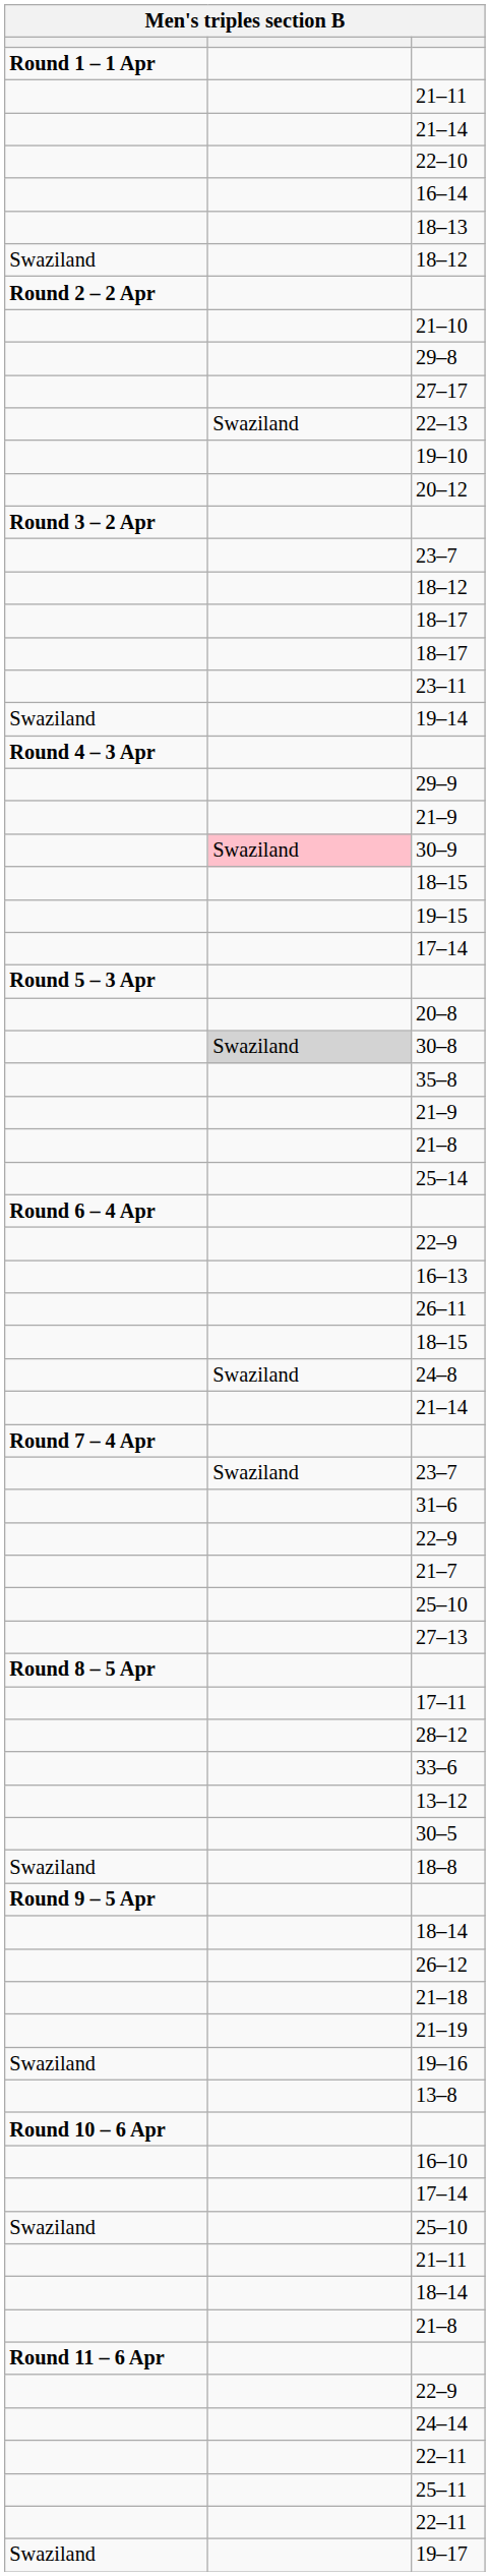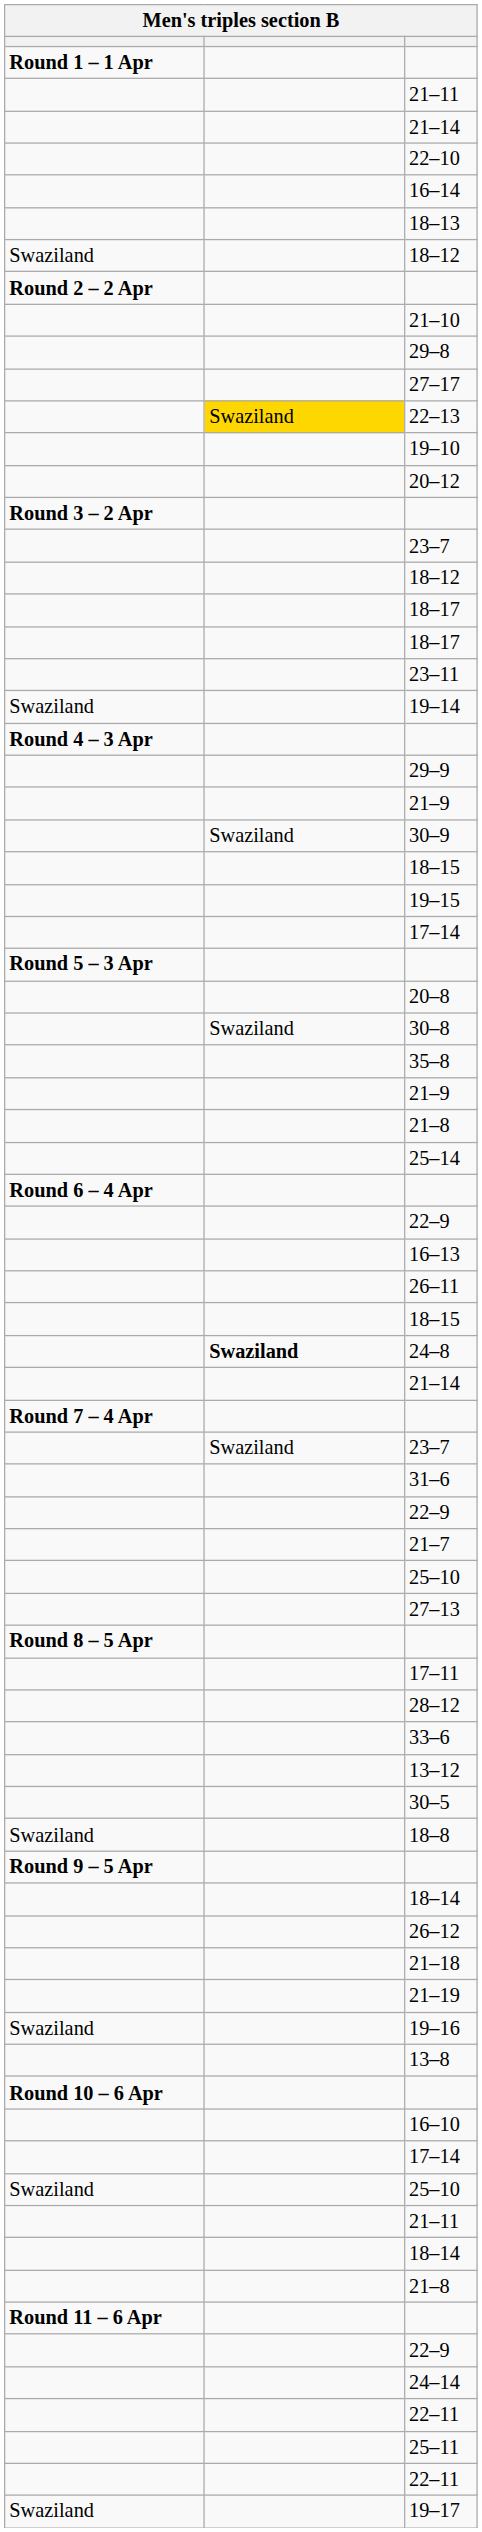 <table class="wikitable">
 <tr>
 <th colspan="3">Men's triples section B</th>
 </tr>
 <tr>
 <th width=150></th>
 <th width=150></th>
 <th width=50></th>
 </tr>
 <tr>
 <td><strong>Round 1 – 1 Apr</strong></td>
 <td></td>
 <td></td>
 </tr>
 <tr>
 <td></td>
 <td></td>
 <td>21–11</td>
 </tr>
 <tr>
 <td></td>
 <td></td>
 <td>21–14</td>
 </tr>
 <tr>
 <td></td>
 <td></td>
 <td>22–10</td>
 </tr>
 <tr>
 <td></td>
 <td></td>
 <td>16–14</td>
 </tr>
 <tr>
 <td></td>
 <td></td>
 <td>18–13</td>
 </tr>
 <tr>
 <td> Swaziland</td>
 <td></td>
 <td>18–12</td>
 </tr>
 <tr>
 <td><strong>Round 2 – 2 Apr</strong></td>
 <td></td>
 <td></td>
 </tr>
 <tr>
 <td></td>
 <td></td>
 <td>21–10</td>
 </tr>
 <tr>
 <td></td>
 <td></td>
 <td>29–8</td>
 </tr>
 <tr>
 <td></td>
 <td></td>
 <td>27–17</td>
 </tr>
 <tr>
 <td></td>
-<td> Swaziland</td>
+<td style="background: gold;"> Swaziland</td>
 <td>22–13</td>
 </tr>
 <tr>
 <td></td>
 <td></td>
 <td>19–10</td>
 </tr>
 <tr>
 <td></td>
 <td></td>
 <td>20–12</td>
 </tr>
 <tr>
 <td><strong>Round 3 – 2 Apr</strong></td>
 <td></td>
 <td></td>
 </tr>
 <tr>
 <td></td>
 <td></td>
 <td>23–7</td>
 </tr>
 <tr>
 <td></td>
 <td></td>
 <td>18–12</td>
 </tr>
 <tr>
 <td></td>
 <td></td>
 <td>18–17</td>
 </tr>
 <tr>
 <td></td>
 <td></td>
 <td>18–17</td>
 </tr>
 <tr>
 <td></td>
 <td></td>
 <td>23–11</td>
 </tr>
 <tr>
 <td> Swaziland</td>
 <td></td>
 <td>19–14</td>
 </tr>
 <tr>
 <td><strong>Round 4 – 3 Apr</strong></td>
 <td></td>
 <td></td>
 </tr>
 <tr>
 <td></td>
 <td></td>
 <td>29–9</td>
 </tr>
 <tr>
 <td></td>
 <td></td>
 <td>21–9</td>
 </tr>
 <tr>
 <td></td>
-<td style="background: pink;"> Swaziland</td>
+<td> Swaziland</td>
 <td>30–9</td>
 </tr>
 <tr>
 <td></td>
 <td></td>
 <td>18–15</td>
 </tr>
 <tr>
 <td></td>
 <td></td>
 <td>19–15</td>
 </tr>
 <tr>
 <td></td>
 <td></td>
 <td>17–14</td>
 </tr>
 <tr>
 <td><strong>Round 5 – 3 Apr</strong></td>
 <td></td>
 <td></td>
 </tr>
 <tr>
 <td></td>
 <td></td>
 <td>20–8</td>
 </tr>
 <tr>
 <td></td>
-<td style="background: lightgrey;"> Swaziland</td>
+<td> Swaziland</td>
 <td>30–8</td>
 </tr>
 <tr>
 <td></td>
 <td></td>
 <td>35–8</td>
 </tr>
 <tr>
 <td></td>
 <td></td>
 <td>21–9</td>
 </tr>
 <tr>
 <td></td>
 <td></td>
 <td>21–8</td>
 </tr>
 <tr>
 <td></td>
 <td></td>
 <td>25–14</td>
 </tr>
 <tr>
 <td><strong>Round 6  – 4 Apr</strong></td>
 <td></td>
 <td></td>
 </tr>
 <tr>
 <td></td>
 <td></td>
 <td>22–9</td>
 </tr>
 <tr>
 <td></td>
 <td></td>
 <td>16–13</td>
 </tr>
 <tr>
 <td></td>
 <td></td>
 <td>26–11</td>
 </tr>
 <tr>
 <td></td>
 <td></td>
 <td>18–15</td>
 </tr>
 <tr>
 <td></td>
-<td> Swaziland</td>
+<td><strong> Swaziland</strong></td>
 <td>24–8</td>
 </tr>
 <tr>
 <td></td>
 <td></td>
 <td>21–14</td>
 </tr>
 <tr>
 <td><strong>Round 7 – 4 Apr</strong></td>
 <td></td>
 <td></td>
 </tr>
 <tr>
 <td></td>
 <td> Swaziland</td>
 <td>23–7</td>
 </tr>
 <tr>
 <td></td>
 <td></td>
 <td>31–6</td>
 </tr>
 <tr>
 <td></td>
 <td></td>
 <td>22–9</td>
 </tr>
 <tr>
 <td></td>
 <td></td>
 <td>21–7</td>
 </tr>
 <tr>
 <td></td>
 <td></td>
 <td>25–10</td>
 </tr>
 <tr>
 <td></td>
 <td></td>
 <td>27–13</td>
 </tr>
 <tr>
 <td><strong>Round 8 – 5 Apr</strong></td>
 <td></td>
 <td></td>
 </tr>
 <tr>
 <td></td>
 <td></td>
 <td>17–11</td>
 </tr>
 <tr>
 <td></td>
 <td></td>
 <td>28–12</td>
 </tr>
 <tr>
 <td></td>
 <td></td>
 <td>33–6</td>
 </tr>
 <tr>
 <td></td>
 <td></td>
 <td>13–12</td>
 </tr>
 <tr>
 <td></td>
 <td></td>
 <td>30–5</td>
 </tr>
 <tr>
 <td> Swaziland</td>
 <td></td>
 <td>18–8</td>
 </tr>
 <tr>
 <td><strong>Round 9 – 5 Apr</strong></td>
 <td></td>
 <td></td>
 </tr>
 <tr>
 <td></td>
 <td></td>
 <td>18–14</td>
 </tr>
 <tr>
 <td></td>
 <td></td>
 <td>26–12</td>
 </tr>
 <tr>
 <td></td>
 <td></td>
 <td>21–18</td>
 </tr>
 <tr>
 <td></td>
 <td></td>
 <td>21–19</td>
 </tr>
 <tr>
 <td> Swaziland</td>
 <td></td>
 <td>19–16</td>
 </tr>
 <tr>
 <td></td>
 <td></td>
 <td>13–8</td>
 </tr>
 <tr>
 <td><strong>Round 10 – 6 Apr</strong></td>
 <td></td>
 <td></td>
 </tr>
 <tr>
 <td></td>
 <td></td>
 <td>16–10</td>
 </tr>
 <tr>
 <td></td>
 <td></td>
 <td>17–14</td>
 </tr>
 <tr>
 <td> Swaziland</td>
 <td></td>
 <td>25–10</td>
 </tr>
 <tr>
 <td></td>
 <td></td>
 <td>21–11</td>
 </tr>
 <tr>
 <td></td>
 <td></td>
 <td>18–14</td>
 </tr>
 <tr>
 <td></td>
 <td></td>
 <td>21–8</td>
 </tr>
 <tr>
 <td><strong>Round 11 – 6 Apr</strong></td>
 <td></td>
 <td></td>
 </tr>
 <tr>
 <td></td>
 <td></td>
 <td>22–9</td>
 </tr>
 <tr>
 <td></td>
 <td></td>
 <td>24–14</td>
 </tr>
 <tr>
 <td></td>
 <td></td>
 <td>22–11</td>
 </tr>
 <tr>
 <td></td>
 <td></td>
 <td>25–11</td>
 </tr>
 <tr>
 <td></td>
 <td></td>
 <td>22–11</td>
 </tr>
 <tr>
 <td> Swaziland</td>
 <td></td>
 <td>19–17</td>
 </tr>
 </table>
